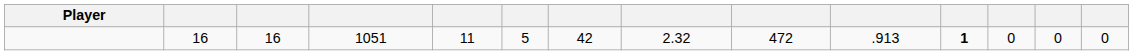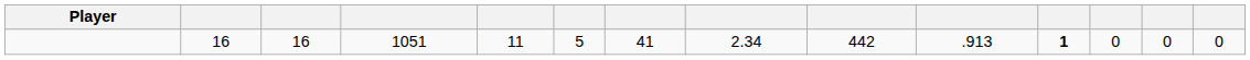 <table class="wikitable sortable" style="width:100%; text-align:center;">
 <tr style="background:#ddd;">
 <th>Player</th>
 <th></th>
 <th></th>
 <th></th>
 <th></th>
 <th></th>
 <th></th>
 <th></th>
 <th></th>
 <th></th>
 <th></th>
 <th></th>
 <th></th>
 <th></th>
 </tr>
 <tr>
 <td style=white-space:nowrap></td>
 <td>16</td>
 <td>16</td>
 <td>1051</td>
 <td>11</td>
 <td>5</td>
-<td>42</td>
-<td>2.32</td>
-<td>472</td>
+<td>41</td>
+<td>2.34</td>
+<td>442</td>
 <td>.913</td>
 <td><strong>1</strong></td>
 <td>0</td>
 <td>0</td>
 <td>0</td>
 </tr>
 </table>
